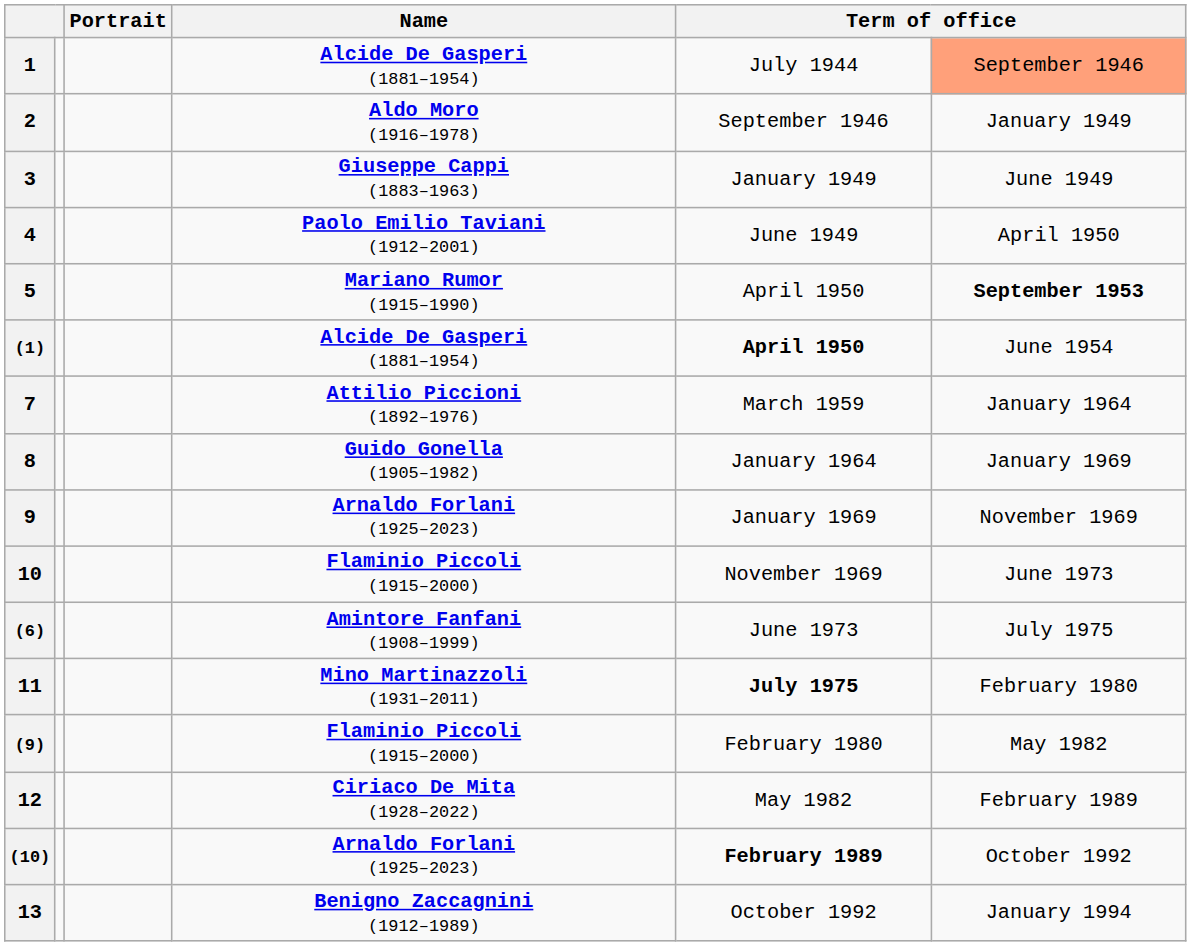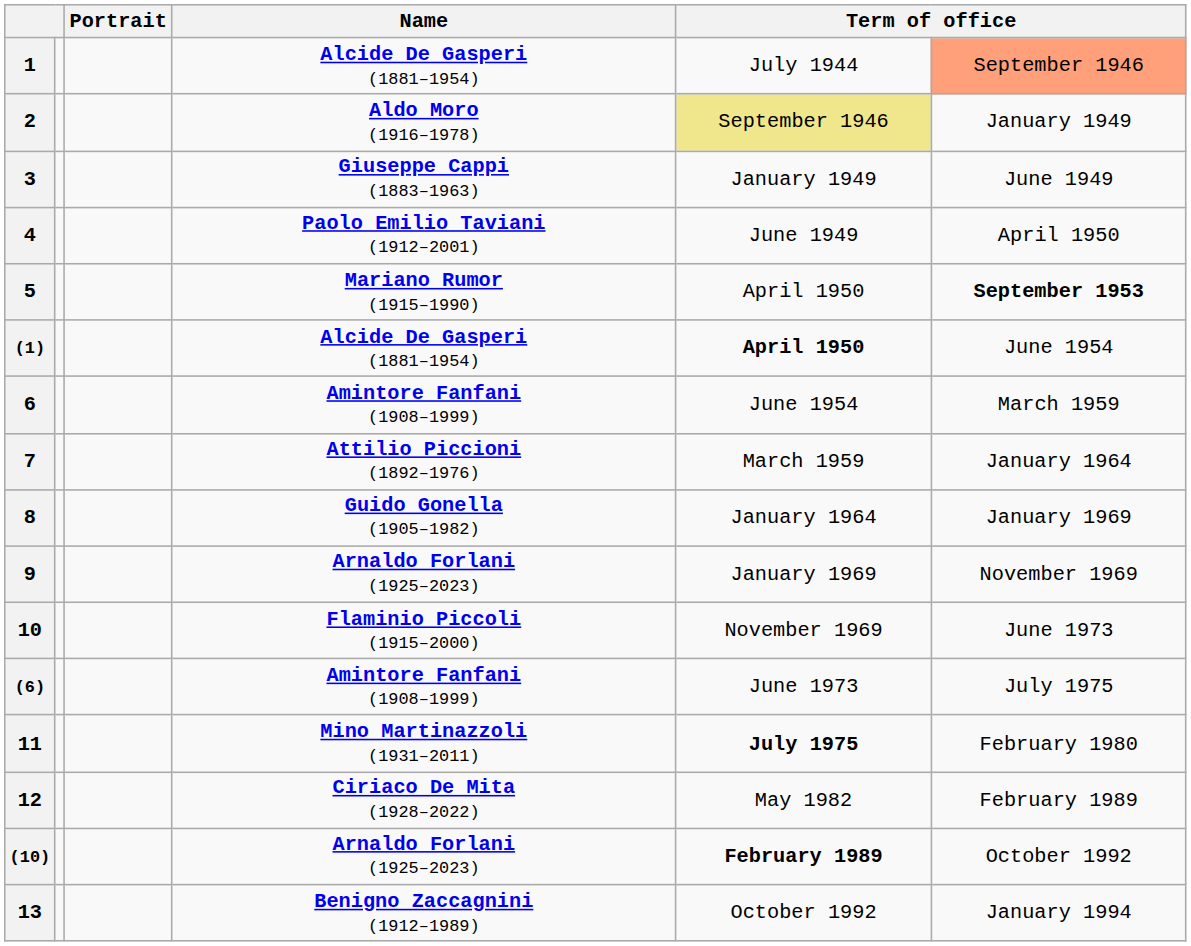 <table class="wikitable" style="text-align:center; width:60%; border:1px #AAAAFF solid">
 <tr>
 <th colspan="2"></th>
 <th width=85px>Portrait</th>
 <th width=45%>Name<br></th>
 <th width=45% colspan="2">Term of office</th>
 </tr>
 <tr>
 <th>1</th>
 <td style="background: "></td>
 <td></td>
 <td><strong><a href='#'>Alcide De Gasperi</a></strong><br><small>(1881–1954)</small></td>
 <td>July 1944</td>
 <td style="background: lightsalmon;">September 1946</td>
 </tr>
 <tr>
 <th>2</th>
 <td style="background: "></td>
 <td></td>
 <td><strong><a href='#'>Aldo Moro</a></strong><br><small>(1916–1978)</small></td>
-<td>September 1946</td>
+<td style="background: khaki;">September 1946</td>
 <td>January 1949</td>
 </tr>
 <tr>
 <th>3</th>
 <td style="background: "></td>
 <td></td>
 <td><strong><a href='#'>Giuseppe Cappi</a></strong><br><small>(1883–1963)</small></td>
 <td>January 1949</td>
 <td>June 1949</td>
 </tr>
 <tr>
 <th>4</th>
 <td style="background: "></td>
 <td></td>
 <td><strong><a href='#'>Paolo Emilio Taviani</a></strong><br><small>(1912–2001)</small></td>
 <td>June 1949</td>
 <td>April 1950</td>
 </tr>
 <tr>
 <th>5</th>
 <td style="background: "></td>
 <td></td>
 <td><strong><a href='#'>Mariano Rumor</a></strong><br><small>(1915–1990)</small></td>
 <td>April 1950</td>
 <td><strong>September 1953</strong></td>
 </tr>
 <tr>
 <th><small>(1)</small></th>
 <td style="background: "></td>
 <td></td>
 <td><strong><a href='#'>Alcide De Gasperi</a></strong><br><small>(1881–1954)</small></td>
 <td><strong>April 1950</strong></td>
 <td>June 1954</td>
+</tr>
+<tr>
+<th>6</th>
+<td style="background: "></td>
+<td></td>
+<td><strong><a href='#'>Amintore Fanfani</a></strong><br><small>(1908–1999)</small></td>
+<td>June 1954</td>
+<td>March 1959</td>
 </tr>
 <tr>
 <th>7</th>
 <td style="background: "></td>
 <td></td>
 <td><strong><a href='#'>Attilio Piccioni</a></strong><br><small>(1892–1976)</small></td>
 <td>March 1959</td>
 <td>January 1964</td>
 </tr>
 <tr>
 <th>8</th>
 <td style="background: "></td>
 <td></td>
 <td><strong><a href='#'>Guido Gonella</a></strong><br><small>(1905–1982)</small></td>
 <td>January 1964</td>
 <td>January 1969</td>
 </tr>
 <tr>
 <th>9</th>
 <td style="background: "></td>
 <td></td>
 <td><strong><a href='#'>Arnaldo Forlani</a></strong><br><small>(1925–2023)</small></td>
 <td>January 1969</td>
 <td>November 1969</td>
 </tr>
 <tr>
 <th>10</th>
 <td style="background: "></td>
 <td></td>
 <td><strong><a href='#'>Flaminio Piccoli</a></strong><br><small>(1915–2000)</small></td>
 <td>November 1969</td>
 <td>June 1973</td>
 </tr>
 <tr>
 <th><small>(6)</small></th>
 <td style="background: "></td>
 <td></td>
 <td><strong><a href='#'>Amintore Fanfani</a></strong><br><small>(1908–1999)</small></td>
 <td>June 1973</td>
 <td>July 1975</td>
 </tr>
 <tr>
 <th>11</th>
 <td style="background: "></td>
 <td></td>
 <td><strong><a href='#'>Mino Martinazzoli</a></strong><br><small>(1931–2011)</small></td>
 <td><strong>July 1975</strong></td>
 <td>February 1980</td>
 </tr>
 <tr>
-<th><small>(9)</small></th>
-<td style="background: "></td>
-<td></td>
-<td><strong><a href='#'>Flaminio Piccoli</a></strong><br><small>(1915–2000)</small></td>
-<td>February 1980</td>
-<td>May 1982</td>
-</tr>
-<tr>
 <th>12</th>
 <td style="background: "></td>
 <td></td>
 <td><strong><a href='#'>Ciriaco De Mita</a></strong><br><small>(1928–2022)</small></td>
 <td>May 1982</td>
 <td>February 1989</td>
 </tr>
 <tr>
 <th><small>(10)</small></th>
 <td style="background: "></td>
 <td></td>
 <td><strong><a href='#'>Arnaldo Forlani</a></strong><br><small>(1925–2023)</small></td>
 <td><strong>February 1989</strong></td>
 <td>October 1992</td>
 </tr>
 <tr>
 <th>13</th>
 <td style="background: "></td>
 <td></td>
 <td><strong><a href='#'>Benigno Zaccagnini</a></strong><br><small>(1912–1989)</small></td>
 <td>October 1992</td>
 <td>January 1994</td>
 </tr>
 </table>
